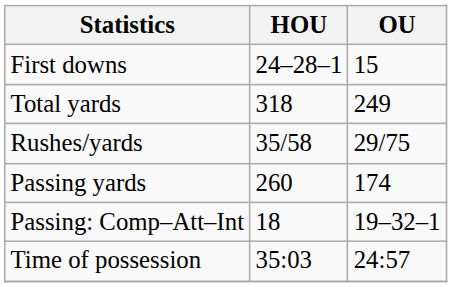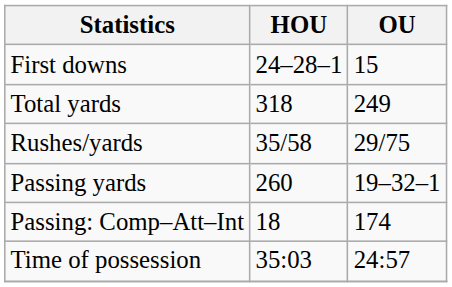 <table class="wikitable" style="float: left;">
 <tr>
 <th>Statistics</th>
 <th>HOU</th>
 <th>OU</th>
 </tr>
 <tr>
 <td>First downs</td>
 <td>24–28–1</td>
 <td>15</td>
 </tr>
 <tr>
 <td>Total yards</td>
 <td>318</td>
 <td>249</td>
 </tr>
 <tr>
 <td>Rushes/yards</td>
 <td>35/58</td>
 <td>29/75</td>
 </tr>
 <tr>
 <td>Passing yards</td>
 <td>260</td>
-<td>174</td>
+<td>19–32–1</td>
 </tr>
 <tr>
 <td>Passing: Comp–Att–Int</td>
 <td>18</td>
-<td>19–32–1</td>
+<td>174</td>
 </tr>
 <tr>
 <td>Time of possession</td>
 <td>35:03</td>
 <td>24:57</td>
 </tr>
 <tr>
 </tr>
 </table>
